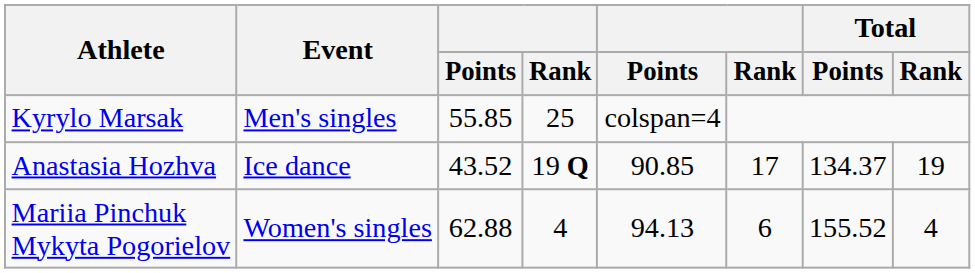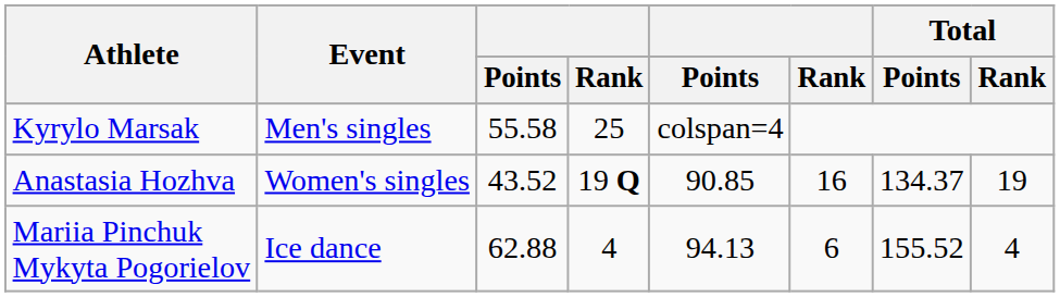 <table class=wikitable style=font-size:90%;text-align:center>
 <tr>
 <th rowspan="2">Athlete</th>
 <th rowspan="2">Event</th>
 <th colspan="2"></th>
 <th colspan="2"></th>
 <th colspan="2">Total</th>
 </tr>
 <tr style="font-size:95%">
 <th>Points</th>
 <th>Rank</th>
 <th>Points</th>
 <th>Rank</th>
 <th>Points</th>
 <th>Rank</th>
 </tr>
 <tr>
 <td align=left><a href='#'>Kyrylo Marsak</a></td>
 <td align=left><a href='#'>Men's singles</a></td>
-<td>55.85</td>
+<td>55.58</td>
 <td>25</td>
 <td>colspan=4 </td>
 </tr>
 <tr>
 <td align=left><a href='#'>Anastasia Hozhva</a></td>
-<td align=left><a href='#'>Ice dance</a></td>
+<td align=left><a href='#'>Women's singles</a></td>
 <td>43.52</td>
 <td>19 <strong>Q</strong></td>
 <td>90.85</td>
-<td>17</td>
+<td>16</td>
 <td>134.37</td>
 <td>19</td>
 </tr>
 <tr>
 <td align=left><a href='#'>Mariia Pinchuk</a><br><a href='#'>Mykyta Pogorielov</a></td>
-<td align=left><a href='#'>Women's singles</a></td>
+<td align=left><a href='#'>Ice dance</a></td>
 <td>62.88</td>
 <td>4</td>
 <td>94.13</td>
 <td>6</td>
 <td>155.52</td>
 <td>4</td>
 </tr>
 </table>
